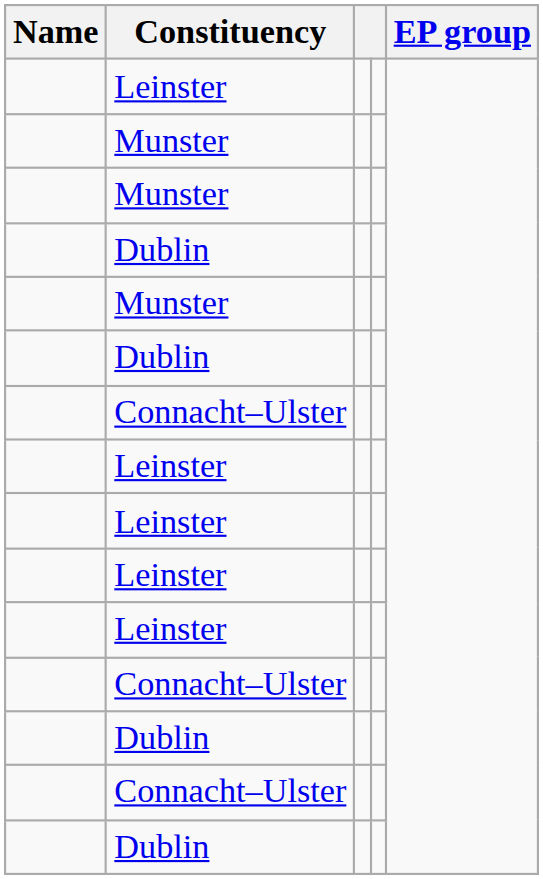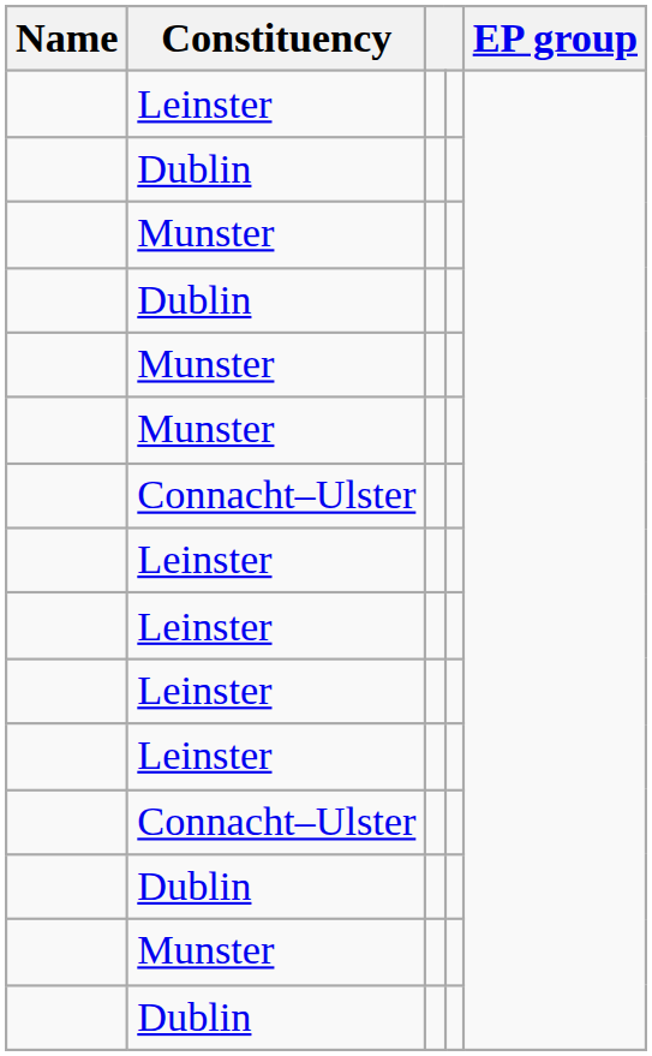 <table class="wikitable sortable">
 <tr>
 <th>Name</th>
 <th>Constituency</th>
 <th colspan=2></th>
 <th colspan=2><a href='#'>EP group</a></th>
 </tr>
 <tr>
 <td></td>
 <td><a href='#'>Leinster</a></td>
 <td></td>
 <td></td>
 </tr>
 <tr>
 <td></td>
-<td><a href='#'>Munster</a></td>
+<td><a href='#'>Dublin</a></td>
 <td></td>
 <td></td>
 </tr>
 <tr>
 <td></td>
 <td><a href='#'>Munster</a></td>
 <td></td>
 <td></td>
 </tr>
 <tr>
 <td></td>
 <td><a href='#'>Dublin</a></td>
 <td></td>
 <td></td>
 </tr>
 <tr>
 <td></td>
 <td><a href='#'>Munster</a></td>
 <td></td>
 <td></td>
 </tr>
 <tr>
 <td></td>
-<td><a href='#'>Dublin</a></td>
+<td><a href='#'>Munster</a></td>
 <td></td>
 <td></td>
 </tr>
 <tr>
 <td></td>
 <td><a href='#'>Connacht–Ulster</a></td>
 <td></td>
 <td></td>
 </tr>
 <tr>
 <td></td>
 <td><a href='#'>Leinster</a></td>
 <td></td>
 <td></td>
 </tr>
 <tr>
 <td></td>
 <td><a href='#'>Leinster</a></td>
 <td></td>
 <td></td>
 </tr>
 <tr>
 <td></td>
 <td><a href='#'>Leinster</a></td>
 <td></td>
 <td></td>
 </tr>
 <tr>
 <td></td>
 <td><a href='#'>Leinster</a></td>
 <td></td>
 <td></td>
 </tr>
 <tr>
 <td></td>
 <td><a href='#'>Connacht–Ulster</a></td>
 <td></td>
 <td></td>
 </tr>
 <tr>
 <td></td>
 <td><a href='#'>Dublin</a></td>
 <td></td>
 <td></td>
 </tr>
 <tr>
 <td></td>
-<td><a href='#'>Connacht–Ulster</a></td>
+<td><a href='#'>Munster</a></td>
 <td></td>
 <td></td>
 </tr>
 <tr>
 <td></td>
 <td><a href='#'>Dublin</a></td>
 <td></td>
 <td></td>
 </tr>
 </table>
